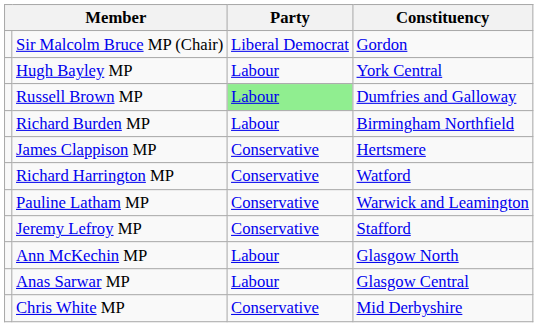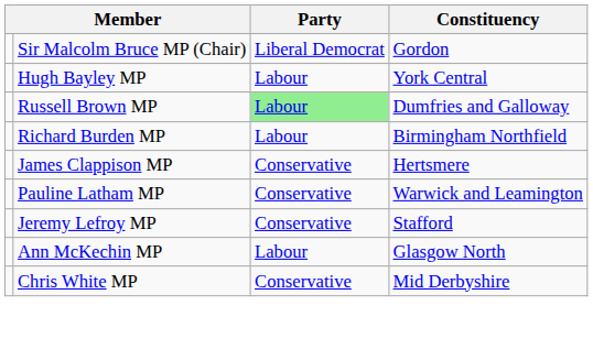 <table class="wikitable">
 <tr>
 <th colspan="2" valign="top">Member</th>
 <th valign="top">Party</th>
 <th valign="top">Constituency</th>
 </tr>
 <tr>
 <td style="color:inherit;background:"></td>
 <td><a href='#'>Sir Malcolm Bruce</a> MP (Chair)</td>
 <td><a href='#'>Liberal Democrat</a></td>
 <td><a href='#'>Gordon</a></td>
 </tr>
 <tr>
 <td style="color:inherit;background:"></td>
 <td><a href='#'>Hugh Bayley</a> MP</td>
 <td><a href='#'>Labour</a></td>
 <td><a href='#'>York Central</a></td>
 </tr>
 <tr>
 <td style="color:inherit;background:"></td>
 <td><a href='#'>Russell Brown</a> MP</td>
 <td style="background: lightgreen;"><a href='#'>Labour</a></td>
 <td><a href='#'>Dumfries and Galloway</a></td>
 </tr>
 <tr>
 <td style="color:inherit;background:"></td>
 <td><a href='#'>Richard Burden</a> MP</td>
 <td><a href='#'>Labour</a></td>
 <td><a href='#'>Birmingham Northfield</a></td>
 </tr>
 <tr>
 <td style="color:inherit;background:"></td>
 <td><a href='#'>James Clappison</a> MP</td>
 <td><a href='#'>Conservative</a></td>
 <td><a href='#'>Hertsmere</a></td>
 </tr>
 <tr>
 <td style="color:inherit;background:"></td>
-<td><a href='#'>Richard Harrington</a> MP</td>
-<td><a href='#'>Conservative</a></td>
-<td><a href='#'>Watford</a></td>
-</tr>
-<tr>
-<td style="color:inherit;background:"></td>
 <td><a href='#'>Pauline Latham</a> MP</td>
 <td><a href='#'>Conservative</a></td>
 <td><a href='#'>Warwick and Leamington</a></td>
 </tr>
 <tr>
 <td style="color:inherit;background:"></td>
 <td><a href='#'>Jeremy Lefroy</a> MP</td>
 <td><a href='#'>Conservative</a></td>
 <td><a href='#'>Stafford</a></td>
 </tr>
 <tr>
 <td style="color:inherit;background:"></td>
 <td><a href='#'>Ann McKechin</a> MP</td>
 <td><a href='#'>Labour</a></td>
 <td><a href='#'>Glasgow North</a></td>
 </tr>
 <tr>
 <td style="color:inherit;background:"></td>
-<td><a href='#'>Anas Sarwar</a> MP</td>
-<td><a href='#'>Labour</a></td>
-<td><a href='#'>Glasgow Central</a></td>
-</tr>
-<tr>
-<td style="color:inherit;background:"></td>
 <td><a href='#'>Chris White</a> MP</td>
 <td><a href='#'>Conservative</a></td>
 <td><a href='#'>Mid Derbyshire</a></td>
 </tr>
 </table>
